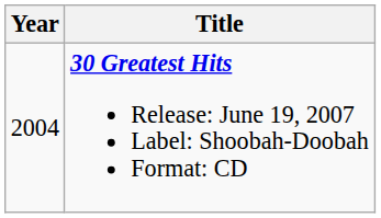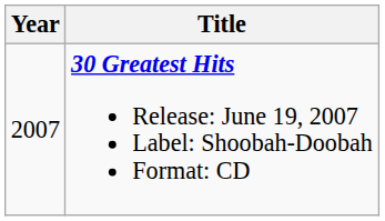 <table class="wikitable">
 <tr>
 <th>Year</th>
 <th>Title</th>
 </tr>
 <tr>
-<td>2004</td>
+<td>2007</td>
 <td style="text-align:left;"><strong><em><a href='#'>30 Greatest Hits</a></em></strong><br><ul><li>Release: June 19, 2007</li><li>Label: Shoobah-Doobah</li><li>Format: CD</li></ul></td>
 </tr>
 </table>
